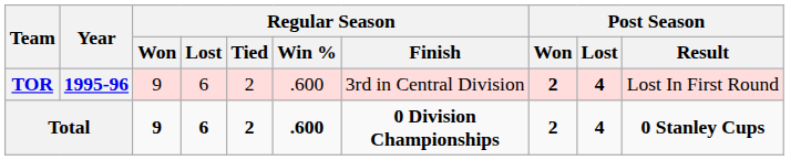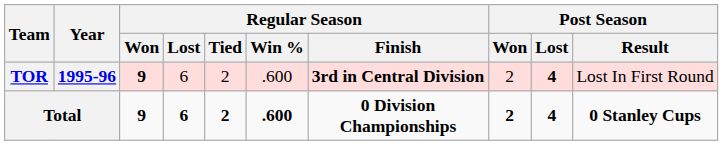 <table class="wikitable" style="font-size: 95%; text-align:center;">
 <tr>
 <th rowspan="2">Team</th>
 <th rowspan="2">Year</th>
 <th colspan="5">Regular Season</th>
 <th colspan="4">Post Season</th>
 </tr>
 <tr>
 <th>Won</th>
 <th>Lost</th>
 <th>Tied</th>
 <th>Win %</th>
 <th>Finish</th>
 <th>Won</th>
 <th>Lost</th>
 <th>Result</th>
 </tr>
 <tr ! style="background:#fdd;">
 <th><a href='#'>TOR</a></th>
 <th><a href='#'>1995-96</a></th>
-<td>9</td>
+<td><strong>9</strong></td>
 <td>6</td>
 <td>2</td>
 <td>.600</td>
-<td>3rd in Central Division</td>
-<td><strong>2</strong></td>
+<td><strong>3rd in Central Division</strong></td>
+<td>2</td>
 <td><strong>4</strong></td>
 <td>Lost In First Round</td>
 </tr>
 <tr>
 <th colspan="2"><strong>Total</strong></th>
 <td><strong>9</strong></td>
 <td><strong>6</strong></td>
 <td><strong>2</strong></td>
 <td><strong>.600</strong></td>
 <td><strong>0 Division<br>Championships</strong></td>
 <td><strong>2</strong></td>
 <td><strong>4</strong></td>
 <td><strong>0 Stanley Cups</strong></td>
 </tr>
 </table>
